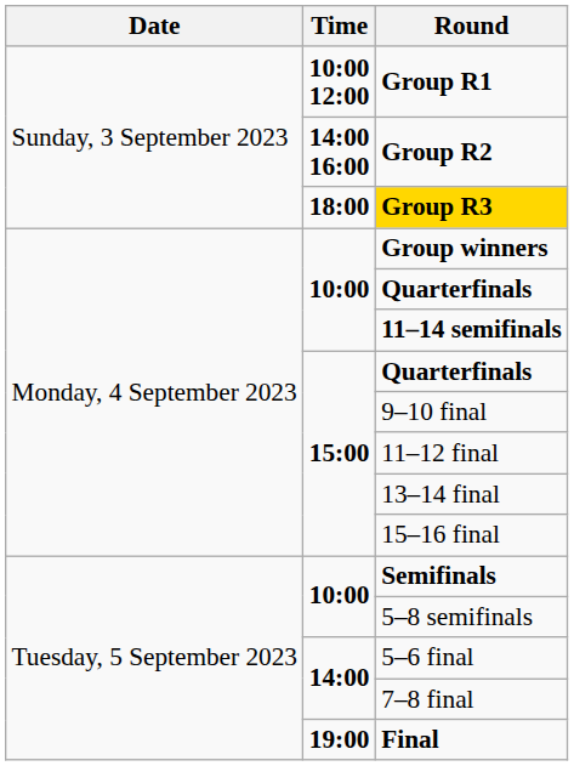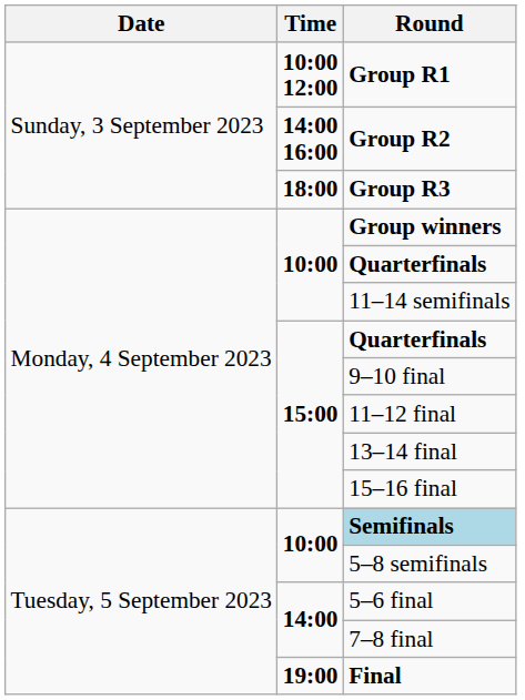 <table class="wikitable">
 <tr>
 <th>Date</th>
 <th>Time</th>
 <th>Round</th>
 </tr>
 <tr>
 <td rowspan=3>Sunday, 3 September 2023</td>
 <td><strong>10:00</strong><br> <strong>12:00</strong></td>
 <td><strong>Group R1</strong></td>
 </tr>
 <tr>
 <td><strong>14:00</strong> <br> <strong>16:00</strong></td>
 <td><strong>Group R2</strong></td>
 </tr>
 <tr>
 <td><strong>18:00</strong></td>
-<td style="background: gold;"><strong>Group R3</strong></td>
+<td><strong>Group R3</strong></td>
 </tr>
 <tr>
 <td rowspan=8>Monday, 4 September 2023</td>
 <td rowspan=3><strong>10:00</strong></td>
 <td><strong>Group winners</strong></td>
 </tr>
 <tr>
 <td><strong>Quarterfinals</strong></td>
 </tr>
 <tr>
-<td><strong>11–14 semifinals</strong></td>
+<td>11–14 semifinals</td>
 </tr>
 <tr>
 <td rowspan=5><strong>15:00</strong></td>
 <td><strong>Quarterfinals</strong></td>
 </tr>
 <tr>
 <td>9–10 final</td>
 </tr>
 <tr>
 <td>11–12 final</td>
 </tr>
 <tr>
 <td>13–14 final</td>
 </tr>
 <tr>
 <td>15–16 final</td>
 </tr>
 <tr>
 <td rowspan=5>Tuesday, 5 September 2023</td>
 <td rowspan=2><strong>10:00</strong></td>
-<td><strong>Semifinals</strong></td>
+<td style="background: lightblue;"><strong>Semifinals</strong></td>
 </tr>
 <tr>
 <td>5–8 semifinals</td>
 </tr>
 <tr>
 <td rowspan=2><strong>14:00</strong></td>
 <td>5–6 final</td>
 </tr>
 <tr>
 <td>7–8 final</td>
 </tr>
 <tr>
 <td><strong>19:00</strong></td>
 <td><strong>Final</strong></td>
 </tr>
 </table>
